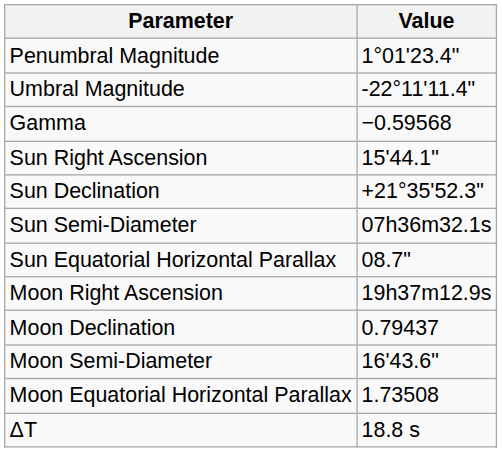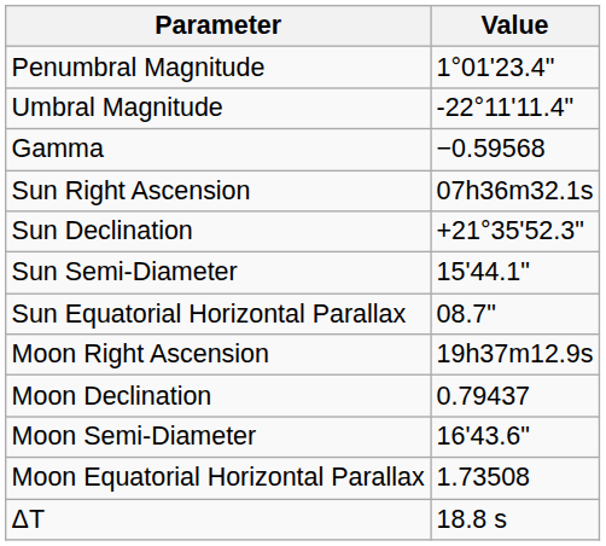 <table class="wikitable">
 <tr>
 <th>Parameter</th>
 <th>Value</th>
 </tr>
 <tr>
 <td>Penumbral Magnitude</td>
 <td>1°01'23.4"</td>
 </tr>
 <tr>
 <td>Umbral Magnitude</td>
 <td>-22°11'11.4"</td>
 </tr>
 <tr>
 <td>Gamma</td>
 <td>−0.59568</td>
 </tr>
 <tr>
 <td>Sun Right Ascension</td>
-<td>15'44.1"</td>
+<td>07h36m32.1s</td>
 </tr>
 <tr>
 <td>Sun Declination</td>
 <td>+21°35'52.3"</td>
 </tr>
 <tr>
 <td>Sun Semi-Diameter</td>
-<td>07h36m32.1s</td>
+<td>15'44.1"</td>
 </tr>
 <tr>
 <td>Sun Equatorial Horizontal Parallax</td>
 <td>08.7"</td>
 </tr>
 <tr>
 <td>Moon Right Ascension</td>
 <td>19h37m12.9s</td>
 </tr>
 <tr>
 <td>Moon Declination</td>
 <td>0.79437</td>
 </tr>
 <tr>
 <td>Moon Semi-Diameter</td>
 <td>16'43.6"</td>
 </tr>
 <tr>
 <td>Moon Equatorial Horizontal Parallax</td>
 <td>1.73508</td>
 </tr>
 <tr>
 <td>ΔT</td>
 <td>18.8 s</td>
 </tr>
 </table>
